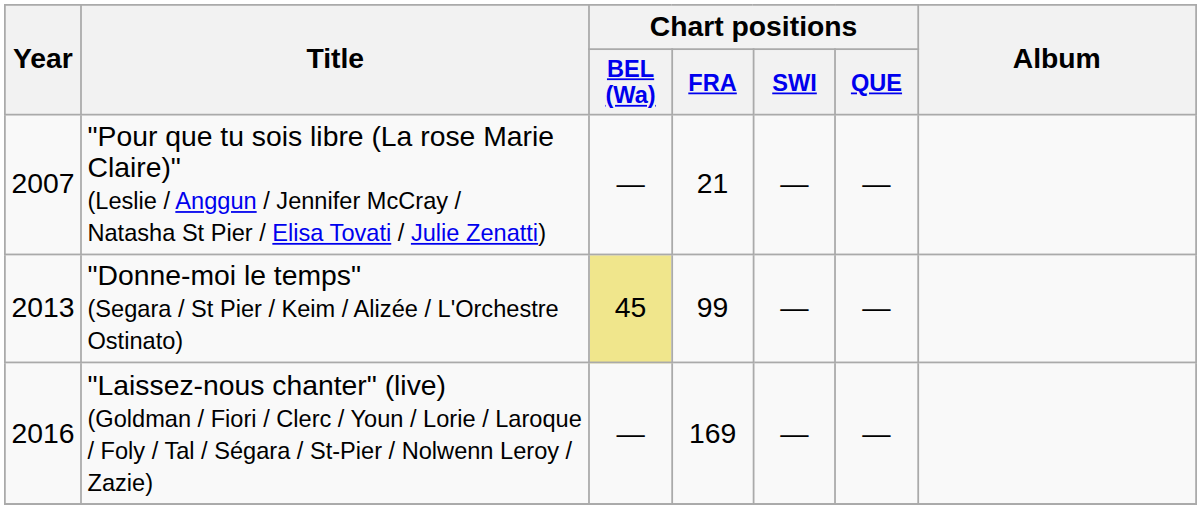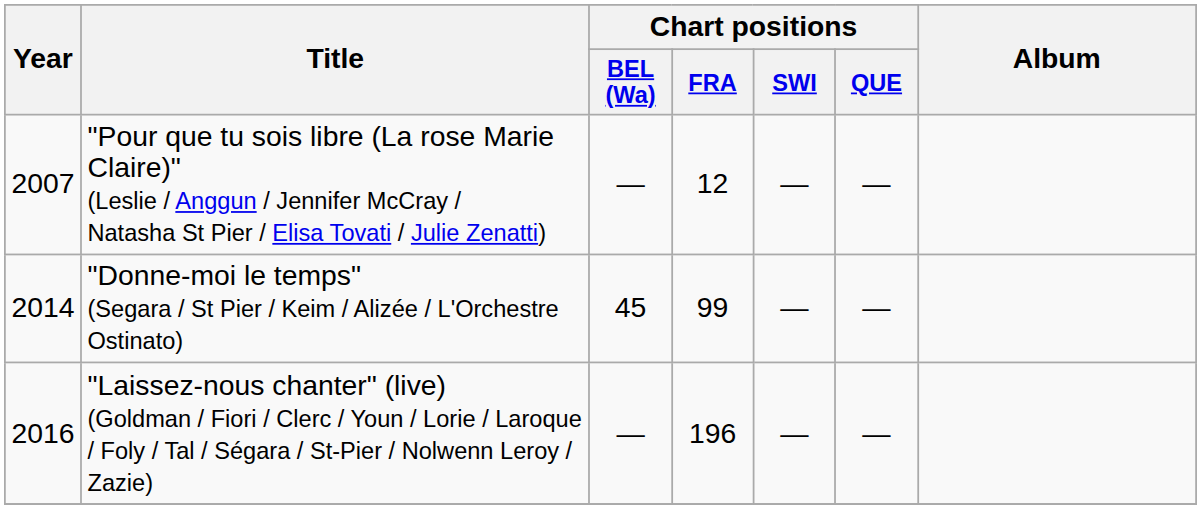 <table class="wikitable">
 <tr>
 <th rowspan="2">Year</th>
 <th style="width:280px;" rowspan="2">Title</th>
 <th colspan="4">Chart positions</th>
 <th style="width:150px;" rowspan="2">Album</th>
 </tr>
 <tr>
 <th style="width:40px; font-size:smaller;"><a href='#'>BEL<br>(Wa)</a></th>
 <th style="width:40px; font-size:smaller;"><a href='#'>FRA</a></th>
 <th style="width:40px; font-size:smaller;"><a href='#'>SWI</a></th>
 <th style="width:40px; font-size:smaller;"><a href='#'>QUE</a></th>
 </tr>
 <tr>
 <td style="width:20px;" rowspan="1">2007</td>
 <td>"Pour que tu sois libre (La rose Marie Claire)" <br><small>(Leslie / <a href='#'>Anggun</a> / Jennifer McCray / <br>Natasha St Pier / <a href='#'>Elisa Tovati</a> / <a href='#'>Julie Zenatti</a>)</small></td>
 <td style="text-align:center;">—</td>
-<td style="text-align:center;">21</td>
+<td style="text-align:center;">12</td>
 <td style="text-align:center;">—</td>
 <td style="text-align:center;">—</td>
 <td style="text-align:center;" rowspan="1"></td>
 </tr>
 <tr>
-<td style="width:20px;" rowspan="1">2013</td>
+<td style="width:20px;" rowspan="1">2014</td>
 <td>"Donne-moi le temps" <br><small>(Segara / St Pier / Keim / Alizée / L'Orchestre Ostinato)</small></td>
-<td style="background: khaki; text-align:center;">45</td>
+<td style="text-align:center;">45</td>
 <td style="text-align:center;">99</td>
 <td style="text-align:center;">—</td>
 <td style="text-align:center;">—</td>
 <td style="text-align:center;" rowspan="1"></td>
 </tr>
 <tr>
 <td style="width:20px;" rowspan="1">2016</td>
 <td>"Laissez-nous chanter" (live) <br><small>(Goldman / Fiori / Clerc / Youn / Lorie / Laroque / Foly / Tal / Ségara / St-Pier / Nolwenn Leroy / Zazie)</small></td>
 <td style="text-align:center;">—</td>
-<td style="text-align:center;">169</td>
+<td style="text-align:center;">196</td>
 <td style="text-align:center;">—</td>
 <td style="text-align:center;">—</td>
 <td style="text-align:center;" rowspan="1"></td>
 </tr>
 <tr>
 </tr>
 </table>
